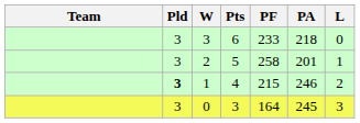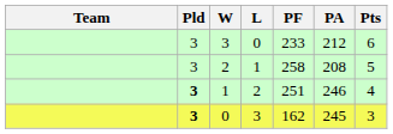 <table class="wikitable" style="text-align:center;">
 <tr>
 <th width=170>Team</th>
 <th width=25>Pld</th>
 <th width=25>W</th>
-<th width=25>Pts</th>
+<th width=25>L</th>
 <th width=35>PF</th>
 <th width=35>PA</th>
-<th width=25>L</th>
+<th width=25>Pts</th>
 </tr>
 <tr bgcolor=#ccffcc>
 <td align="left"></td>
 <td>3</td>
 <td>3</td>
+<td>0</td>
+<td>233</td>
+<td>212</td>
 <td>6</td>
-<td>233</td>
-<td>218</td>
-<td>0</td>
 </tr>
 <tr bgcolor=#ccffcc>
 <td align="left"></td>
 <td>3</td>
 <td>2</td>
+<td>1</td>
+<td>258</td>
+<td>208</td>
 <td>5</td>
-<td>258</td>
-<td>201</td>
-<td>1</td>
 </tr>
 <tr bgcolor=#ccffcc>
 <td align="left"></td>
 <td><strong>3</strong></td>
 <td>1</td>
+<td>2</td>
+<td>251</td>
+<td>246</td>
 <td>4</td>
-<td>215</td>
-<td>246</td>
-<td>2</td>
 </tr>
 <tr bgcolor=#F4FA58>
 <td align="left"></td>
-<td>3</td>
+<td><strong>3</strong></td>
 <td>0</td>
 <td>3</td>
-<td>164</td>
+<td>162</td>
 <td>245</td>
 <td>3</td>
 </tr>
 </table>
